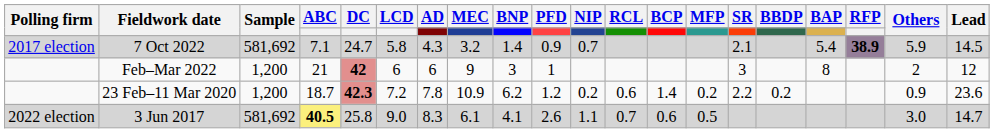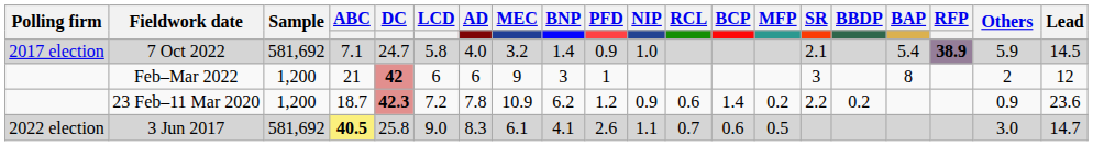 <table class="wikitable sortable" style="text-align:center;font-size:90%;line-height:14px;">
 <tr>
 <th rowspan="2">Polling firm</th>
 <th rowspan="2">Fieldwork date</th>
 <th rowspan="2">Sample</th>
 <th><a href='#'>ABC</a></th>
 <th><a href='#'>DC</a></th>
 <th><a href='#'>LCD</a></th>
 <th><a href='#'>AD</a></th>
 <th><a href='#'>MEC</a></th>
 <th><a href='#'>BNP</a></th>
 <th><a href='#'>PFD</a></th>
 <th><a href='#'>NIP</a></th>
 <th><a href='#'>RCL</a></th>
 <th><a href='#'>BCP</a></th>
 <th><a href='#'>MFP</a></th>
 <th><a href='#'>SR</a></th>
 <th><a href='#'>BBDP</a></th>
 <th><a href='#'>BAP</a></th>
 <th><a href='#'>RFP</a></th>
 <th rowspan="2" class="unsortable" style="width:50px;"><a href='#'>Others</a></th>
 <th rowspan="2">Lead</th>
 </tr>
 <tr>
 <th class="unsortable" style="color:inherit;background:"></th>
 <th class="unsortable" style="color:inherit;background:"></th>
 <th class="unsortable" style="color:inherit;background:"></th>
 <th class="unsortable" style="color:inherit;background:#7F0305;"></th>
 <th class="unsortable" style="color:inherit;background:#1F3D95;"></th>
 <th class="unsortable" style="color:inherit;background:#0504FF"></th>
 <th class="unsortable" style="color:inherit;background:#FF4244"></th>
 <th class="unsortable" style="color:inherit;background:#234392;"></th>
 <th class="unsortable" style="color:inherit;background:#148F03;"></th>
 <th class="unsortable" style="color:inherit;background:#FF0707;"></th>
 <th class="unsortable" style="color:inherit;background:#2b9990;"></th>
 <th class="unsortable" style="color:inherit;background:#FB3C06;"></th>
 <th class="unsortable" style="color:inherit;background:#2F674C;"></th>
 <th class="unsortable" style="color:inherit;background:#DBB14F;"></th>
 <th class="unsortable" style="color:inherit;background:"></th>
 </tr>
 <tr style="background:#D5D5D5;">
 <td><a href='#'>2017 election</a></td>
 <td>7 Oct 2022</td>
 <td>581,692</td>
 <td>7.1</td>
 <td>24.7</td>
 <td>5.8</td>
-<td>4.3</td>
+<td>4.0</td>
 <td>3.2</td>
 <td>1.4</td>
 <td>0.9</td>
-<td>0.7</td>
+<td>1.0</td>
 <td></td>
 <td></td>
 <td></td>
 <td>2.1</td>
 <td></td>
 <td>5.4</td>
 <td style="background:#957E99"><strong>38.9</strong></td>
 <td>5.9</td>
 <td style="background:">14.5</td>
 </tr>
 <tr>
 <td></td>
 <td>Feb–Mar 2022</td>
 <td>1,200</td>
 <td>21</td>
 <td style="background:#E28F8E"><strong>42</strong></td>
 <td>6</td>
 <td>6</td>
 <td>9</td>
 <td>3</td>
 <td>1</td>
 <td></td>
 <td></td>
 <td></td>
 <td></td>
 <td>3</td>
 <td></td>
 <td>8</td>
 <td></td>
 <td>2</td>
 <td style="background:">12</td>
 </tr>
 <tr>
 <td></td>
 <td>23 Feb–11 Mar 2020</td>
 <td>1,200</td>
 <td>18.7</td>
 <td style="background:#E28F8E"><strong>42.3</strong></td>
 <td>7.2</td>
 <td>7.8</td>
 <td>10.9</td>
 <td>6.2</td>
 <td>1.2</td>
-<td>0.2</td>
+<td>0.9</td>
 <td>0.6</td>
 <td>1.4</td>
 <td>0.2</td>
 <td>2.2</td>
 <td>0.2</td>
 <td></td>
 <td></td>
 <td>0.9</td>
 <td style="background:">23.6</td>
 </tr>
 <tr style="background:#D5D5D5;">
 <td>2022 election</td>
 <td>3 Jun 2017</td>
 <td>581,692</td>
 <td style="background:#FBF07D"><strong>40.5</strong></td>
 <td>25.8</td>
 <td>9.0</td>
 <td>8.3</td>
 <td>6.1</td>
 <td>4.1</td>
 <td>2.6</td>
 <td>1.1</td>
 <td>0.7</td>
 <td>0.6</td>
 <td>0.5</td>
 <td></td>
 <td></td>
 <td></td>
 <td></td>
 <td>3.0</td>
 <td style="background:">14.7</td>
 </tr>
 </table>
